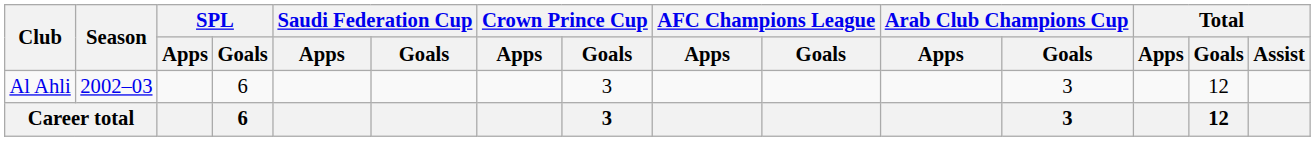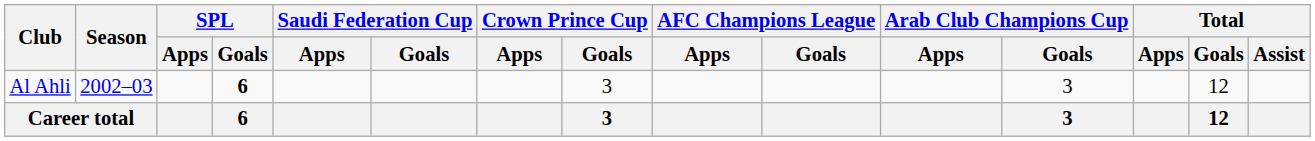 <table class="wikitable" style="text-align: center">
 <tr>
 <th rowspan="2">Club</th>
 <th rowspan="2">Season</th>
 <th colspan="2"><a href='#'>SPL</a></th>
 <th colspan="2"><a href='#'>Saudi Federation Cup</a></th>
 <th colspan="2"><a href='#'>Crown Prince Cup</a></th>
 <th colspan="2"><a href='#'>AFC Champions League</a></th>
 <th colspan="2"><a href='#'>Arab Club Champions Cup</a></th>
 <th colspan="3">Total</th>
 </tr>
 <tr>
 <th>Apps</th>
 <th>Goals</th>
 <th>Apps</th>
 <th>Goals</th>
 <th>Apps</th>
 <th>Goals</th>
 <th>Apps</th>
 <th>Goals</th>
 <th>Apps</th>
 <th>Goals</th>
 <th>Apps</th>
 <th>Goals</th>
 <th>Assist</th>
 </tr>
 <tr>
 <td rowspan="1"><a href='#'>Al Ahli</a></td>
 <td><a href='#'>2002–03</a></td>
 <td></td>
-<td>6</td>
+<td><strong>6</strong></td>
 <td></td>
 <td></td>
 <td></td>
 <td>3</td>
 <td></td>
 <td></td>
 <td></td>
 <td>3</td>
 <td></td>
 <td>12</td>
 <td></td>
 </tr>
 <tr>
 <th colspan="2">Career total</th>
 <th></th>
 <th>6</th>
 <th></th>
 <th></th>
 <th></th>
 <th>3</th>
 <th></th>
 <th></th>
 <th></th>
 <th>3</th>
 <th></th>
 <th>12</th>
 <th></th>
 </tr>
 </table>
